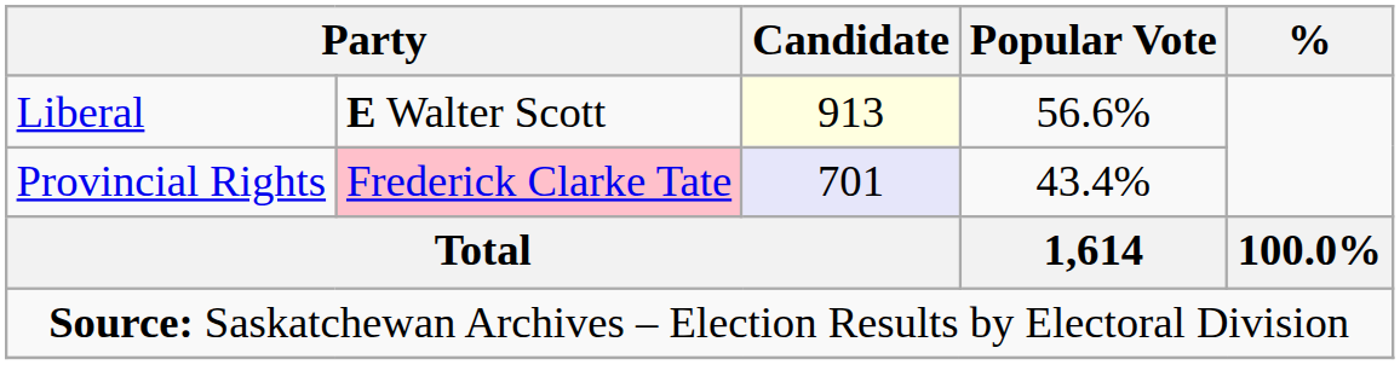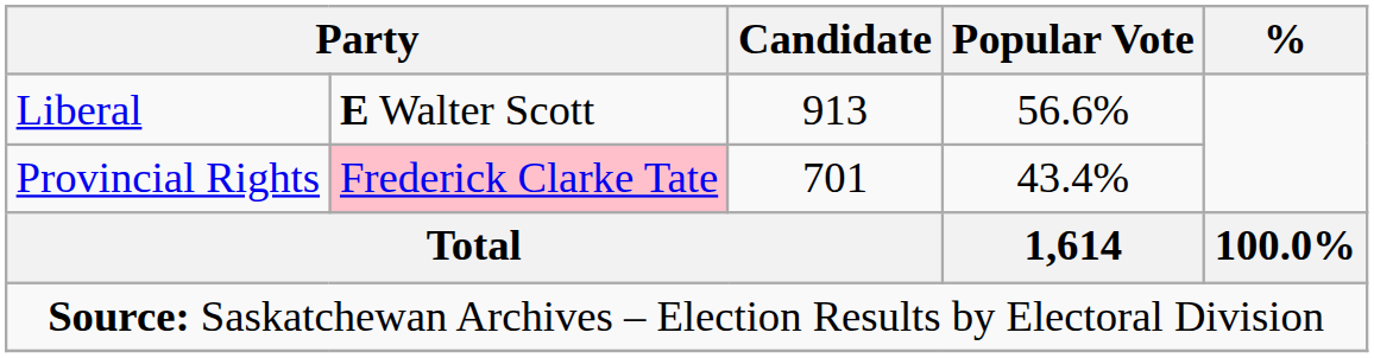 <table class="wikitable">
 <tr>
 <th colspan="2">Party</th>
 <th>Candidate</th>
 <th>Popular Vote</th>
 <th>%</th>
 </tr>
 <tr>
 <td><a href='#'>Liberal</a></td>
 <td><strong>E</strong> Walter Scott</td>
-<td align=center style="background: lightyellow;">913</td>
+<td align=center>913</td>
 <td align=center>56.6%</td>
 </tr>
 <tr>
 <td><a href='#'>Provincial Rights</a></td>
 <td style="background: pink;"><a href='#'>Frederick Clarke Tate</a></td>
-<td align=center style="background: lavender;">701</td>
+<td align=center>701</td>
 <td align=center>43.4%</td>
 </tr>
 <tr>
 <th colspan=3 align=center>Total</th>
 <th align=right>1,614</th>
 <th align=right>100.0%</th>
 </tr>
 <tr>
 <td align="center" colspan=5><strong>Source:</strong>  Saskatchewan Archives – Election Results by Electoral Division</td>
 </tr>
 <tr>
 </tr>
 </table>
